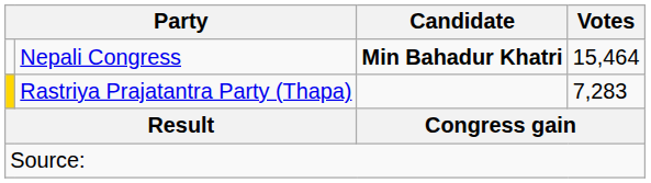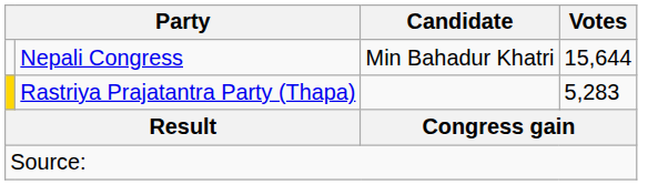 <table class="wikitable">
 <tr>
 <th colspan="2">Party</th>
 <th>Candidate</th>
 <th>Votes</th>
 </tr>
 <tr>
 <td style="background-color:"></td>
 <td><a href='#'>Nepali Congress</a></td>
-<td><strong>Min Bahadur Khatri</strong></td>
-<td>15,464</td>
+<td>Min Bahadur Khatri</td>
+<td>15,644</td>
 </tr>
 <tr>
 <td style="background-color:gold"></td>
 <td><a href='#'>Rastriya Prajatantra Party (Thapa)</a></td>
 <td></td>
-<td>7,283</td>
+<td>5,283</td>
 </tr>
 <tr>
 <th colspan="2">Result</th>
 <th colspan="2">Congress gain</th>
 </tr>
 <tr>
 <td colspan="4">Source: </td>
 </tr>
 </table>
